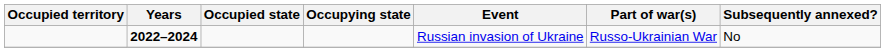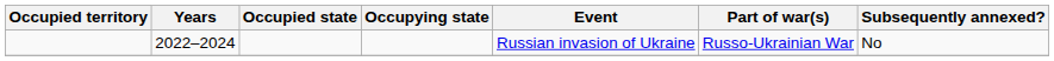 <table class="wikitable sortable">
 <tr>
 <th>Occupied territory</th>
 <th>Years</th>
 <th>Occupied state</th>
 <th>Occupying state</th>
 <th>Event</th>
 <th>Part of war(s)</th>
 <th>Subsequently annexed?</th>
 </tr>
 <tr>
 <td></td>
-<td><strong>2022–2024</strong></td>
+<td>2022–2024</td>
 <td></td>
 <td></td>
 <td><a href='#'>Russian invasion of Ukraine</a></td>
 <td><a href='#'>Russo-Ukrainian War</a></td>
 <td>No</td>
 </tr>
 <tr>
 </tr>
 </table>
